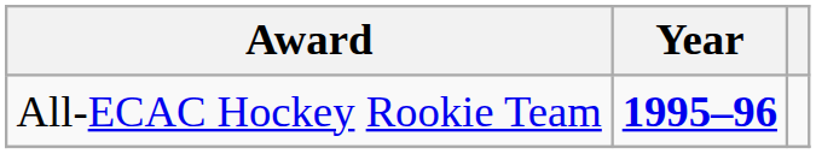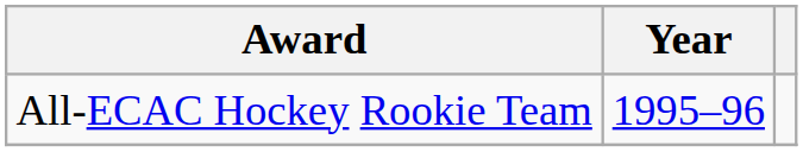 <table class="wikitable">
 <tr>
 <th>Award</th>
 <th>Year</th>
 <th></th>
 </tr>
 <tr>
 <td>All-<a href='#'>ECAC Hockey</a> <a href='#'>Rookie Team</a></td>
-<td><strong><a href='#'>1995–96</a></strong></td>
+<td><a href='#'>1995–96</a></td>
 <td></td>
 </tr>
 <tr>
 </tr>
 </table>
